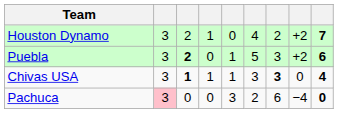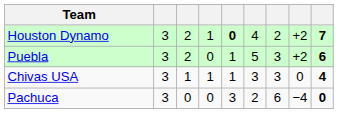 <table class="wikitable" style="text-align: center;">
 <tr>
 <th style="width:175px;">Team</th>
 <th width="20"></th>
 <th width="20"></th>
 <th width="20"></th>
 <th width="20"></th>
 <th width="20"></th>
 <th width="20"></th>
 <th width="20"></th>
 <th width="20"></th>
 </tr>
 <tr style="background:#cfc;">
 <td style="text-align:left;"> <a href='#'>Houston Dynamo</a></td>
 <td>3</td>
 <td>2</td>
 <td>1</td>
-<td>0</td>
+<td><strong>0</strong></td>
 <td>4</td>
 <td>2</td>
 <td>+2</td>
 <td><strong>7</strong></td>
 </tr>
 <tr style="background:#cfc;">
 <td style="text-align:left;"> <a href='#'>Puebla</a></td>
 <td>3</td>
-<td><strong>2</strong></td>
+<td>2</td>
 <td>0</td>
 <td>1</td>
 <td>5</td>
 <td>3</td>
 <td>+2</td>
 <td><strong>6</strong></td>
 </tr>
 <tr>
 <td style="text-align:left;">  <a href='#'>Chivas USA</a></td>
 <td>3</td>
-<td><strong>1</strong></td>
+<td>1</td>
 <td>1</td>
 <td>1</td>
 <td>3</td>
-<td><strong>3</strong></td>
+<td>3</td>
 <td>0</td>
 <td><strong>4</strong></td>
 </tr>
 <tr>
 <td style="text-align:left;"> <a href='#'>Pachuca</a></td>
-<td style="background: pink;">3</td>
+<td>3</td>
 <td>0</td>
 <td>0</td>
 <td>3</td>
 <td>2</td>
 <td>6</td>
 <td>−4</td>
 <td><strong>0</strong></td>
 </tr>
 </table>
